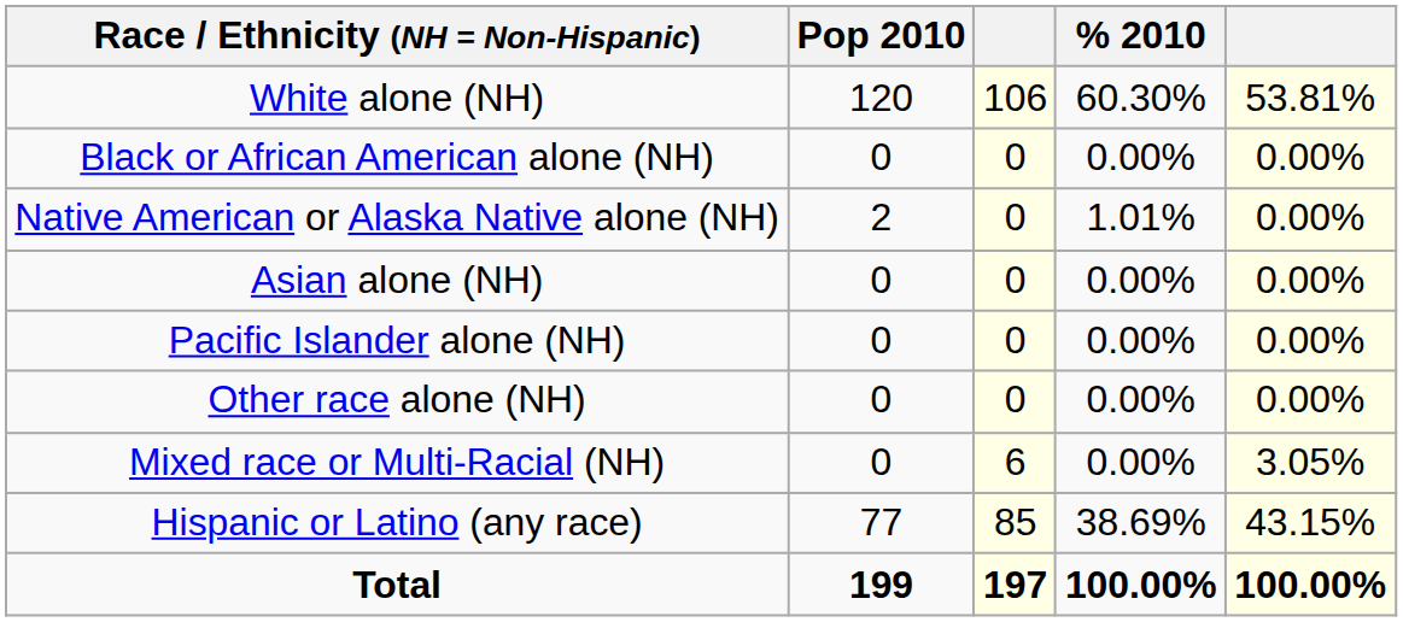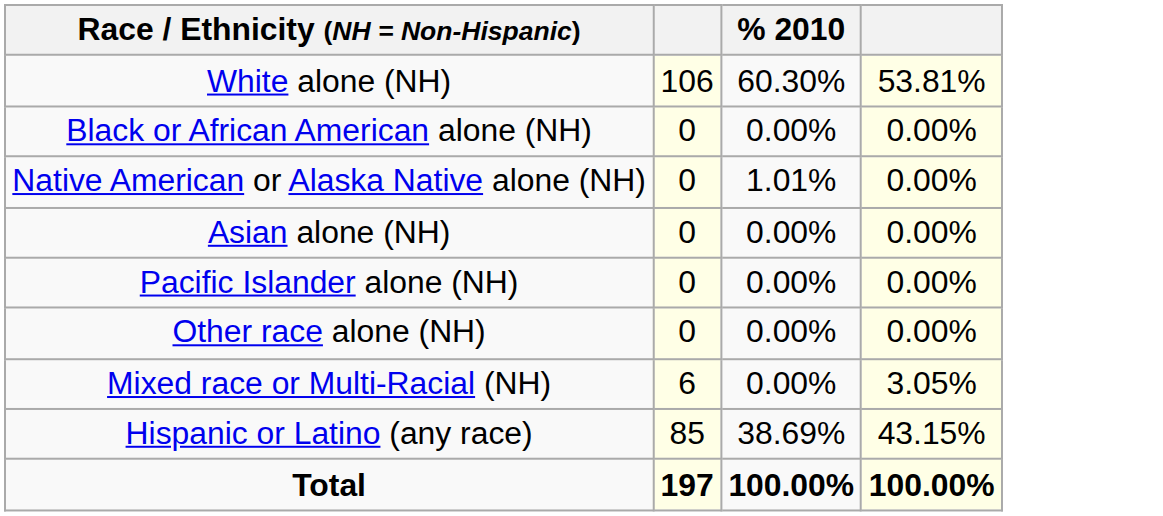 <table class="wikitable" style="text-align:center;">
 <tr>
 <th>Race / Ethnicity <small>(<em>NH = Non-Hispanic</em>)</small></th>
-<th>Pop 2010</th>
 <th></th>
 <th>% 2010</th>
 <th></th>
 </tr>
 <tr>
 <td><a href='#'>White</a> alone (NH)</td>
-<td>120</td>
 <td style='background: #ffffe6;'>106</td>
 <td>60.30%</td>
 <td style='background: #ffffe6;'>53.81%</td>
 </tr>
 <tr>
 <td><a href='#'>Black or African American</a> alone (NH)</td>
-<td>0</td>
 <td style='background: #ffffe6;'>0</td>
 <td>0.00%</td>
 <td style='background: #ffffe6;'>0.00%</td>
 </tr>
 <tr>
 <td><a href='#'>Native American</a> or <a href='#'>Alaska Native</a> alone (NH)</td>
-<td>2</td>
 <td style='background: #ffffe6;'>0</td>
 <td>1.01%</td>
 <td style='background: #ffffe6;'>0.00%</td>
 </tr>
 <tr>
 <td><a href='#'>Asian</a> alone (NH)</td>
-<td>0</td>
 <td style='background: #ffffe6;'>0</td>
 <td>0.00%</td>
 <td style='background: #ffffe6;'>0.00%</td>
 </tr>
 <tr>
 <td><a href='#'>Pacific Islander</a> alone (NH)</td>
-<td>0</td>
 <td style='background: #ffffe6;'>0</td>
 <td>0.00%</td>
 <td style='background: #ffffe6;'>0.00%</td>
 </tr>
 <tr>
 <td><a href='#'>Other race</a> alone (NH)</td>
-<td>0</td>
 <td style='background: #ffffe6;'>0</td>
 <td>0.00%</td>
 <td style='background: #ffffe6;'>0.00%</td>
 </tr>
 <tr>
 <td><a href='#'>Mixed race or Multi-Racial</a> (NH)</td>
-<td>0</td>
 <td style='background: #ffffe6;'>6</td>
 <td>0.00%</td>
 <td style='background: #ffffe6;'>3.05%</td>
 </tr>
 <tr>
 <td><a href='#'>Hispanic or Latino</a> (any race)</td>
-<td>77</td>
 <td style='background: #ffffe6;'>85</td>
 <td>38.69%</td>
 <td style='background: #ffffe6;'>43.15%</td>
 </tr>
 <tr>
 <td><strong>Total</strong></td>
-<td><strong>199</strong></td>
 <td style='background: #ffffe6;'><strong>197</strong></td>
 <td><strong>100.00%</strong></td>
 <td style='background: #ffffe6;'><strong>100.00%</strong></td>
 </tr>
 </table>
